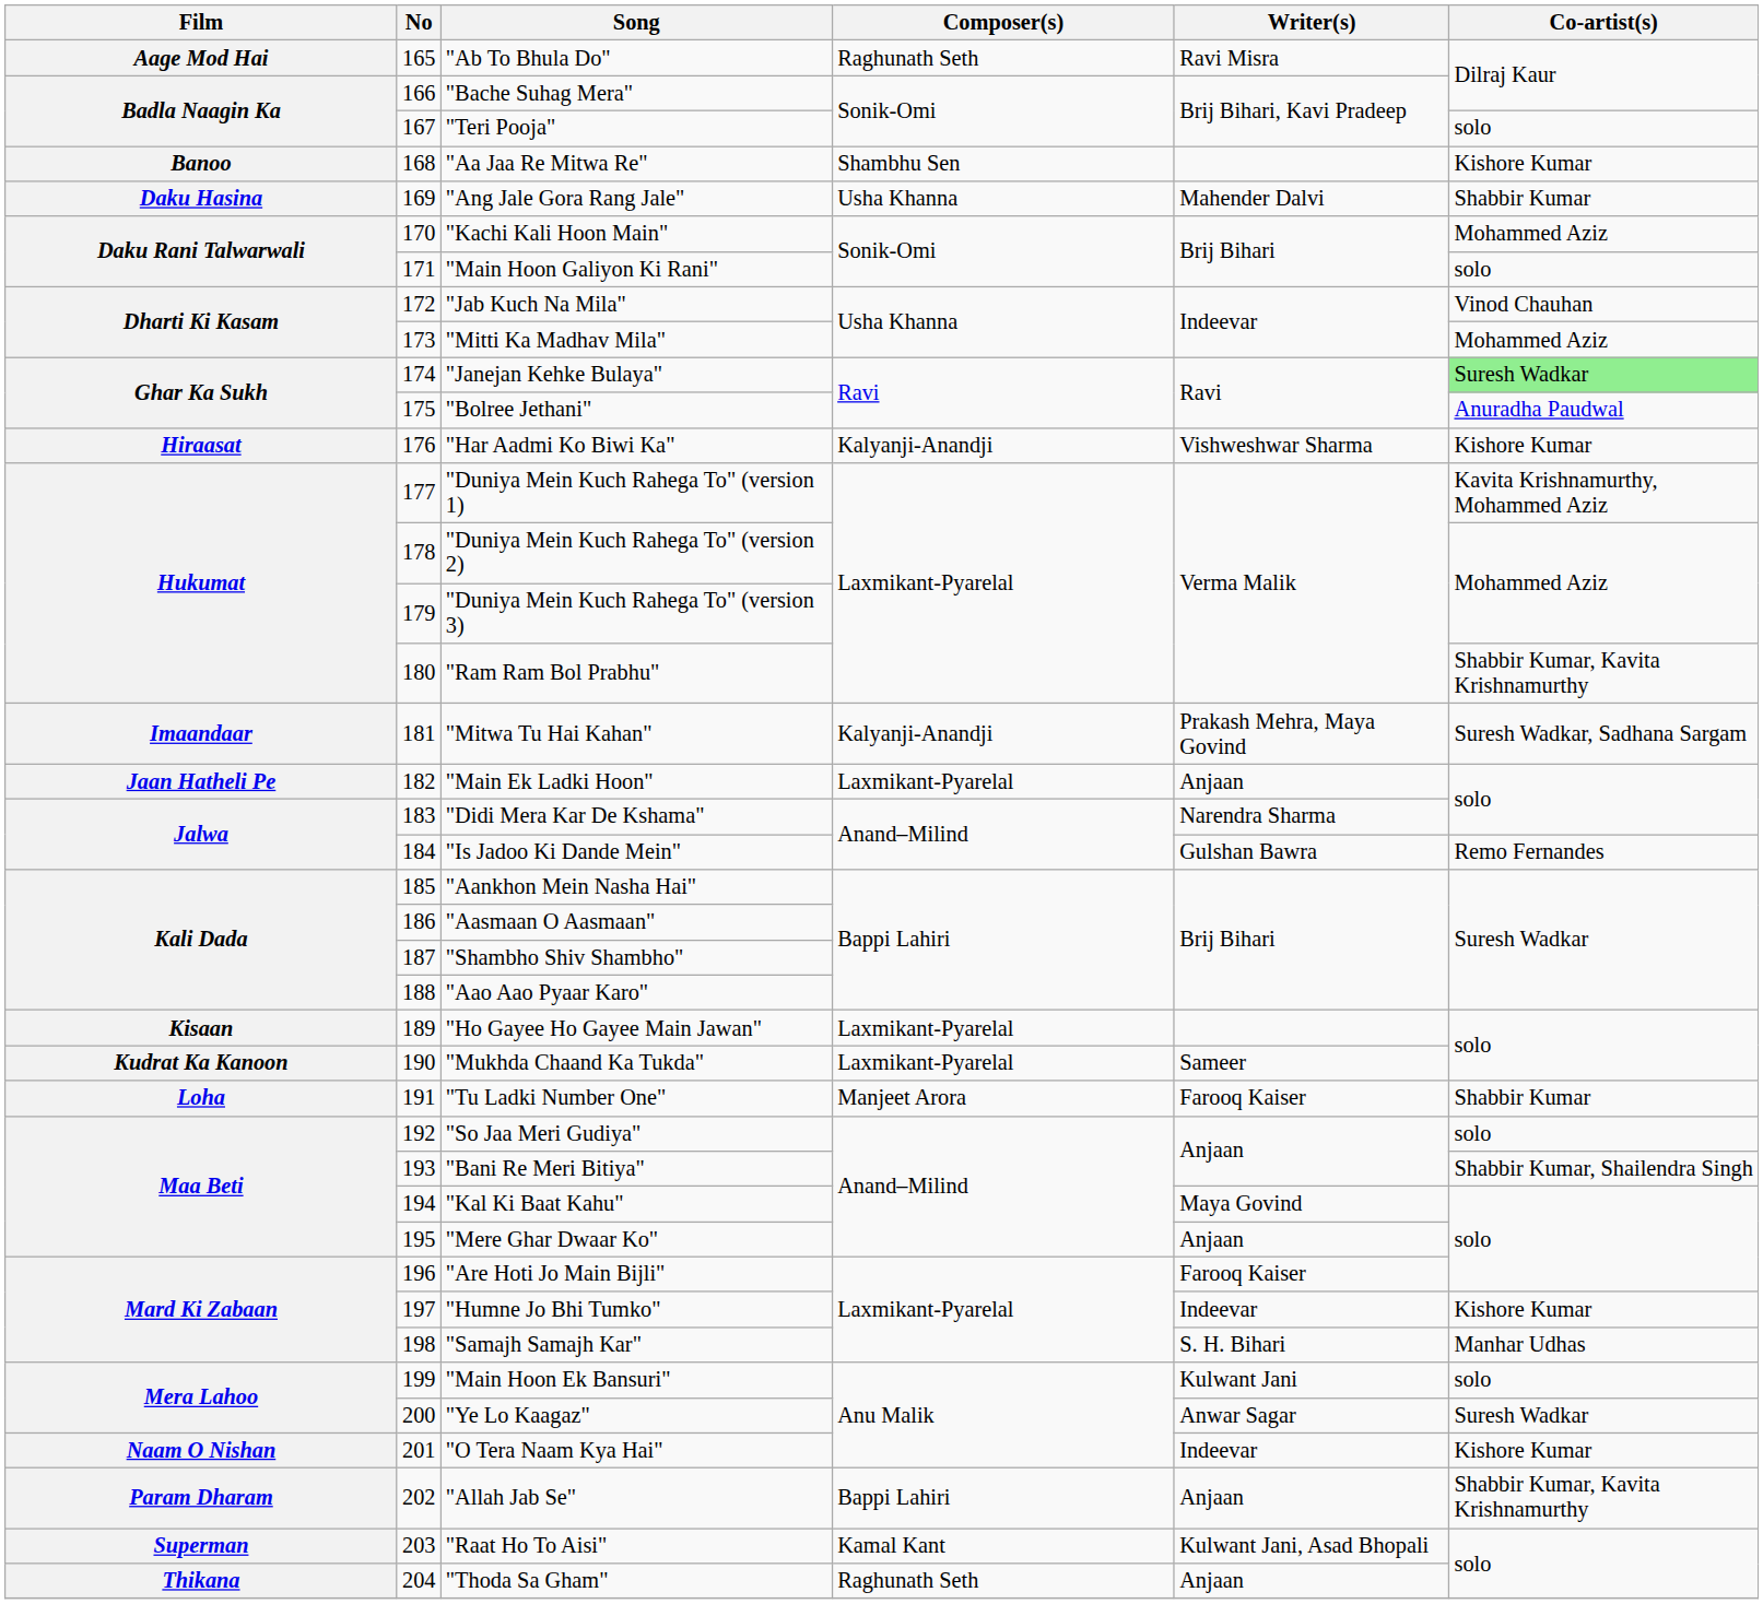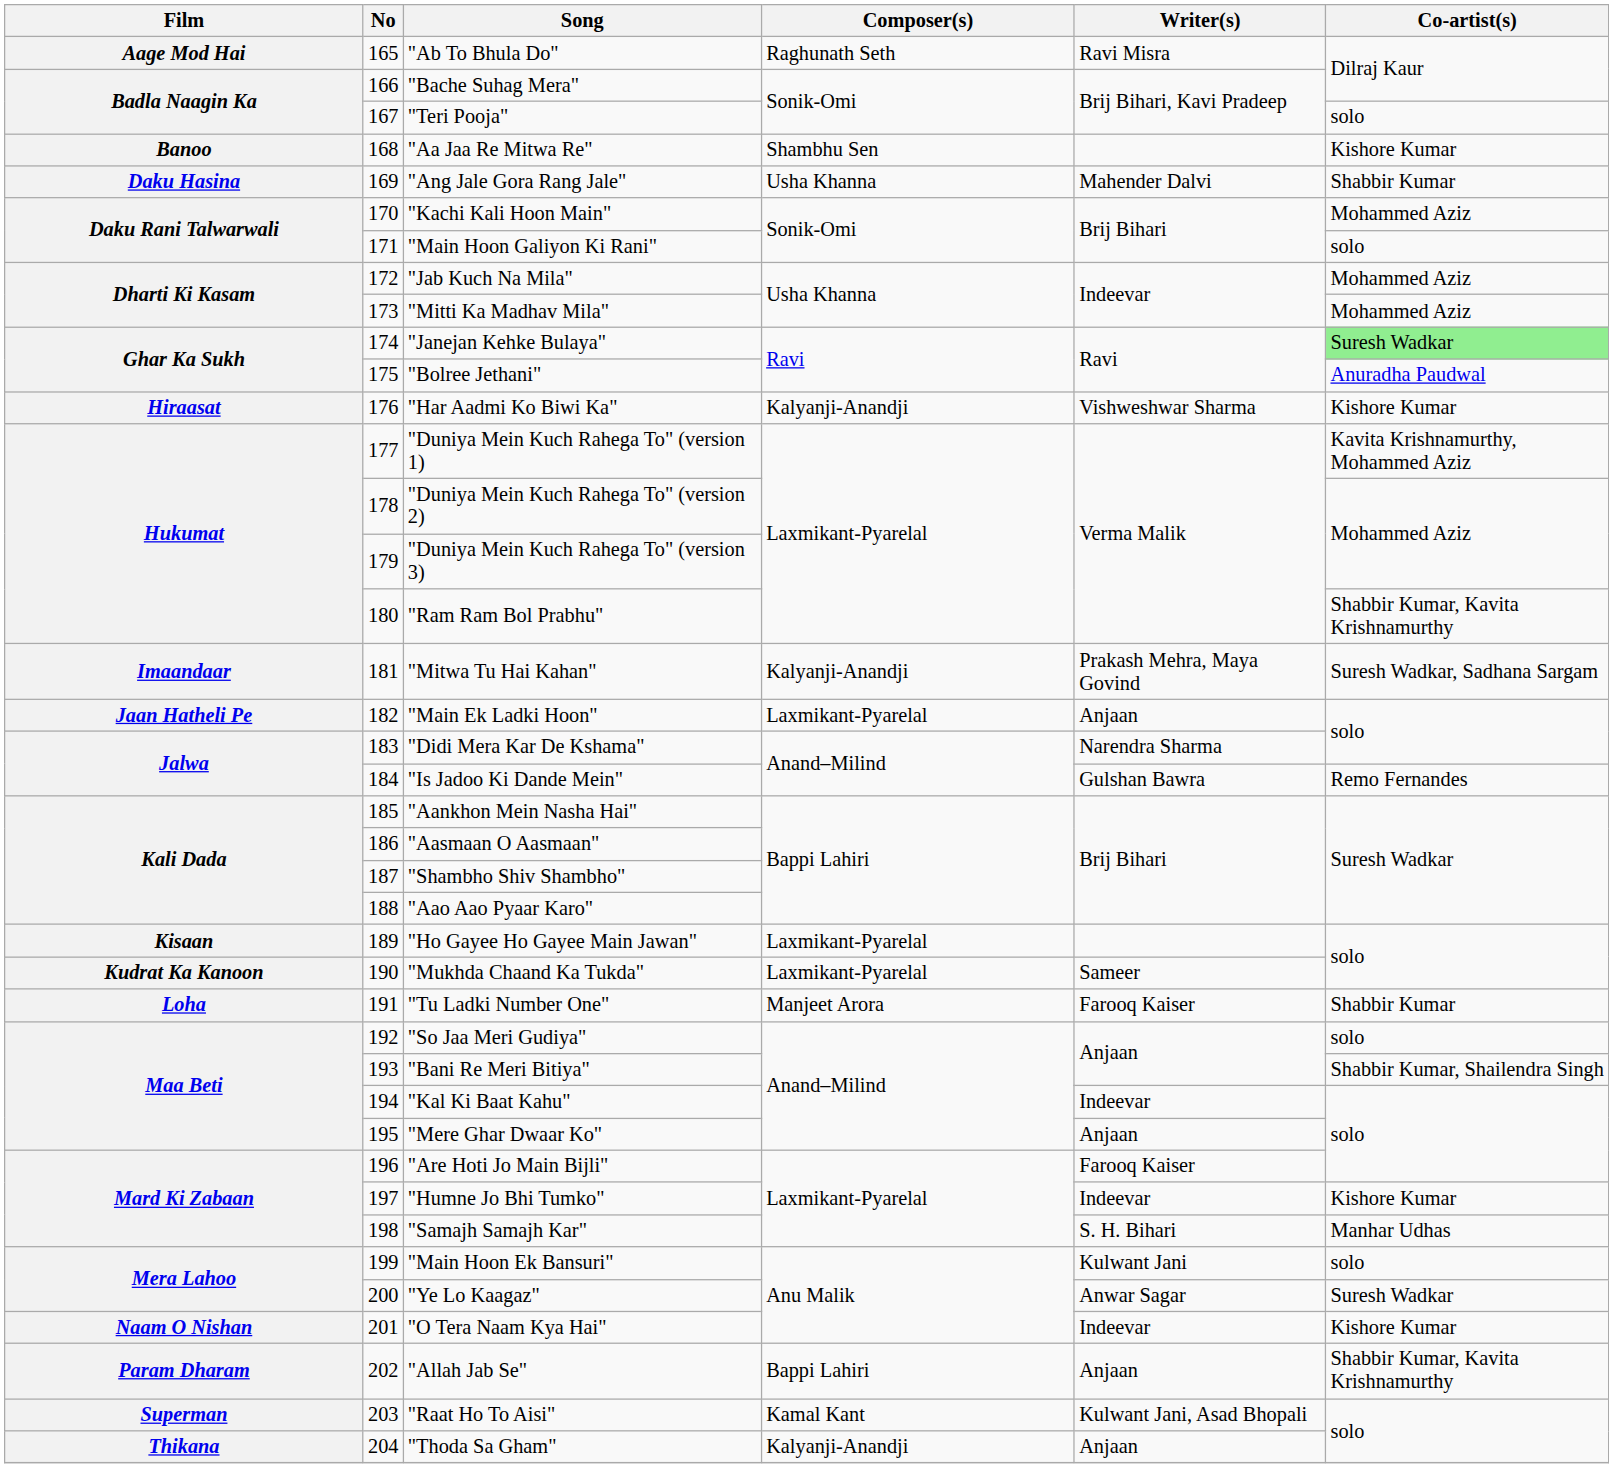 <table class="wikitable plainrowheaders" width="100%" textcolor:#000;">
 <tr style="background:#b0e0e66;">
 <th scope="col" width=23%><strong>Film</strong></th>
 <th><strong>No</strong></th>
 <th scope="col" width=23%><strong>Song</strong></th>
 <th scope="col" width=20%><strong>Composer(s)</strong></th>
 <th scope="col" width=16%><strong>Writer(s)</strong></th>
 <th scope="col" width=18%><strong>Co-artist(s)</strong></th>
 </tr>
 <tr>
 <th><em>Aage Mod Hai</em></th>
 <td>165</td>
 <td>"Ab To Bhula Do"</td>
 <td>Raghunath Seth</td>
 <td>Ravi Misra</td>
 <td rowspan=2>Dilraj Kaur</td>
 </tr>
 <tr>
 <th rowspan=2><em>Badla Naagin Ka</em></th>
 <td>166</td>
 <td>"Bache Suhag Mera"</td>
 <td rowspan=2>Sonik-Omi</td>
 <td rowspan=2>Brij Bihari, Kavi Pradeep</td>
 </tr>
 <tr>
 <td>167</td>
 <td>"Teri Pooja"</td>
 <td>solo</td>
 </tr>
 <tr>
 <th><em>Banoo</em></th>
 <td>168</td>
 <td>"Aa Jaa Re Mitwa Re"</td>
 <td>Shambhu Sen</td>
 <td></td>
 <td>Kishore Kumar</td>
 </tr>
 <tr>
 <th><em><a href='#'>Daku Hasina</a></em></th>
 <td>169</td>
 <td>"Ang Jale Gora Rang Jale"</td>
 <td>Usha Khanna</td>
 <td>Mahender Dalvi</td>
 <td>Shabbir Kumar</td>
 </tr>
 <tr>
 <th rowspan=2><em>Daku Rani Talwarwali</em></th>
 <td>170</td>
 <td>"Kachi Kali Hoon Main"</td>
 <td rowspan=2>Sonik-Omi</td>
 <td rowspan=2>Brij Bihari</td>
 <td>Mohammed Aziz</td>
 </tr>
 <tr>
 <td>171</td>
 <td>"Main Hoon Galiyon Ki Rani"</td>
 <td>solo</td>
 </tr>
 <tr>
 <th rowspan=2><em>Dharti Ki Kasam</em></th>
 <td>172</td>
 <td>"Jab Kuch Na Mila"</td>
 <td rowspan=2>Usha Khanna</td>
 <td rowspan=2>Indeevar</td>
-<td>Vinod Chauhan</td>
+<td>Mohammed Aziz</td>
 </tr>
 <tr>
 <td>173</td>
 <td>"Mitti Ka Madhav Mila"</td>
 <td>Mohammed Aziz</td>
 </tr>
 <tr>
 <th rowspan="2"><em>Ghar Ka Sukh</em></th>
 <td>174</td>
 <td>"Janejan Kehke Bulaya"</td>
 <td rowspan="2"><a href='#'>Ravi</a></td>
 <td rowspan=2>Ravi</td>
 <td style="background: lightgreen;">Suresh Wadkar</td>
 </tr>
 <tr>
 <td>175</td>
 <td>"Bolree Jethani"</td>
 <td><a href='#'>Anuradha Paudwal</a></td>
 </tr>
 <tr>
 <th><em><a href='#'>Hiraasat</a></em></th>
 <td>176</td>
 <td>"Har Aadmi Ko Biwi Ka"</td>
 <td>Kalyanji-Anandji</td>
 <td>Vishweshwar Sharma</td>
 <td>Kishore Kumar</td>
 </tr>
 <tr>
 <th rowspan=4><em><a href='#'>Hukumat</a></em></th>
 <td>177</td>
 <td>"Duniya Mein Kuch Rahega To" (version 1)</td>
 <td rowspan=4>Laxmikant-Pyarelal</td>
 <td rowspan=4>Verma Malik</td>
 <td>Kavita Krishnamurthy, Mohammed Aziz</td>
 </tr>
 <tr>
 <td>178</td>
 <td>"Duniya Mein Kuch Rahega To" (version 2)</td>
 <td rowspan=2>Mohammed Aziz</td>
 </tr>
 <tr>
 <td>179</td>
 <td>"Duniya Mein Kuch Rahega To" (version 3)</td>
 </tr>
 <tr>
 <td>180</td>
 <td>"Ram Ram Bol Prabhu"</td>
 <td>Shabbir Kumar, Kavita Krishnamurthy</td>
 </tr>
 <tr>
 <th><em><a href='#'>Imaandaar</a></em></th>
 <td>181</td>
 <td>"Mitwa Tu Hai Kahan"</td>
 <td>Kalyanji-Anandji</td>
 <td>Prakash Mehra, Maya Govind</td>
 <td>Suresh Wadkar, Sadhana Sargam</td>
 </tr>
 <tr>
 <th><em><a href='#'>Jaan Hatheli Pe</a></em></th>
 <td>182</td>
 <td>"Main Ek Ladki Hoon"</td>
 <td>Laxmikant-Pyarelal</td>
 <td>Anjaan</td>
 <td rowspan=2>solo</td>
 </tr>
 <tr>
 <th rowspan=2><em><a href='#'>Jalwa</a></em></th>
 <td>183</td>
 <td>"Didi Mera Kar De Kshama"</td>
 <td rowspan=2>Anand–Milind</td>
 <td>Narendra Sharma</td>
 </tr>
 <tr>
 <td>184</td>
 <td>"Is Jadoo Ki Dande Mein"</td>
 <td>Gulshan Bawra</td>
 <td>Remo Fernandes</td>
 </tr>
 <tr>
 <th rowspan=4><em>Kali Dada</em></th>
 <td>185</td>
 <td>"Aankhon Mein Nasha Hai"</td>
 <td rowspan=4>Bappi Lahiri</td>
 <td rowspan=4>Brij Bihari</td>
 <td rowspan=4>Suresh Wadkar</td>
 </tr>
 <tr>
 <td>186</td>
 <td>"Aasmaan O Aasmaan"</td>
 </tr>
 <tr>
 <td>187</td>
 <td>"Shambho Shiv Shambho"</td>
 </tr>
 <tr>
 <td>188</td>
 <td>"Aao Aao Pyaar Karo"</td>
 </tr>
 <tr>
 <th><em>Kisaan</em></th>
 <td>189</td>
 <td>"Ho Gayee Ho Gayee Main Jawan"</td>
 <td>Laxmikant-Pyarelal</td>
 <td></td>
 <td rowspan=2>solo</td>
 </tr>
 <tr>
 <th><em>Kudrat Ka Kanoon</em></th>
 <td>190</td>
 <td>"Mukhda Chaand Ka Tukda"</td>
 <td>Laxmikant-Pyarelal</td>
 <td>Sameer</td>
 </tr>
 <tr>
 <th><em><a href='#'>Loha</a></em></th>
 <td>191</td>
 <td>"Tu Ladki Number One"</td>
 <td>Manjeet Arora</td>
 <td>Farooq Kaiser</td>
 <td>Shabbir Kumar</td>
 </tr>
 <tr>
 <th rowspan=4><em><a href='#'>Maa Beti</a></em></th>
 <td>192</td>
 <td>"So Jaa Meri Gudiya"</td>
 <td rowspan=4>Anand–Milind</td>
 <td rowspan=2>Anjaan</td>
 <td>solo</td>
 </tr>
 <tr>
 <td>193</td>
 <td>"Bani Re Meri Bitiya"</td>
 <td>Shabbir Kumar, Shailendra Singh</td>
 </tr>
 <tr>
 <td>194</td>
 <td>"Kal Ki Baat Kahu"</td>
-<td>Maya Govind</td>
+<td>Indeevar</td>
 <td rowspan=3>solo</td>
 </tr>
 <tr>
 <td>195</td>
 <td>"Mere Ghar Dwaar Ko"</td>
 <td>Anjaan</td>
 </tr>
 <tr>
 <th rowspan=3><em><a href='#'>Mard Ki Zabaan</a></em></th>
 <td>196</td>
 <td>"Are Hoti Jo Main Bijli"</td>
 <td rowspan=3>Laxmikant-Pyarelal</td>
 <td>Farooq Kaiser</td>
 </tr>
 <tr>
 <td>197</td>
 <td>"Humne Jo Bhi Tumko"</td>
 <td>Indeevar</td>
 <td>Kishore Kumar</td>
 </tr>
 <tr>
 <td>198</td>
 <td>"Samajh Samajh Kar"</td>
 <td>S. H. Bihari</td>
 <td>Manhar Udhas</td>
 </tr>
 <tr>
 <th rowspan=2><em><a href='#'>Mera Lahoo</a></em></th>
 <td>199</td>
 <td>"Main Hoon Ek Bansuri"</td>
 <td rowspan=3>Anu Malik</td>
 <td>Kulwant Jani</td>
 <td>solo</td>
 </tr>
 <tr>
 <td>200</td>
 <td>"Ye Lo Kaagaz"</td>
 <td>Anwar Sagar</td>
 <td>Suresh Wadkar</td>
 </tr>
 <tr>
 <th><em><a href='#'>Naam O Nishan</a></em></th>
 <td>201</td>
 <td>"O Tera Naam Kya Hai"</td>
 <td>Indeevar</td>
 <td>Kishore Kumar</td>
 </tr>
 <tr>
 <th><em><a href='#'>Param Dharam</a></em></th>
 <td>202</td>
 <td>"Allah Jab Se"</td>
 <td>Bappi Lahiri</td>
 <td>Anjaan</td>
 <td>Shabbir Kumar, Kavita Krishnamurthy</td>
 </tr>
 <tr>
 <th><em><a href='#'>Superman</a></em></th>
 <td>203</td>
 <td>"Raat Ho To Aisi"</td>
 <td>Kamal Kant</td>
 <td>Kulwant Jani, Asad Bhopali</td>
 <td rowspan=2>solo</td>
 </tr>
 <tr>
 <th><em><a href='#'>Thikana</a></em></th>
 <td>204</td>
 <td>"Thoda Sa Gham"</td>
-<td>Raghunath Seth</td>
+<td>Kalyanji-Anandji</td>
 <td>Anjaan</td>
 </tr>
 <tr>
 </tr>
 </table>
